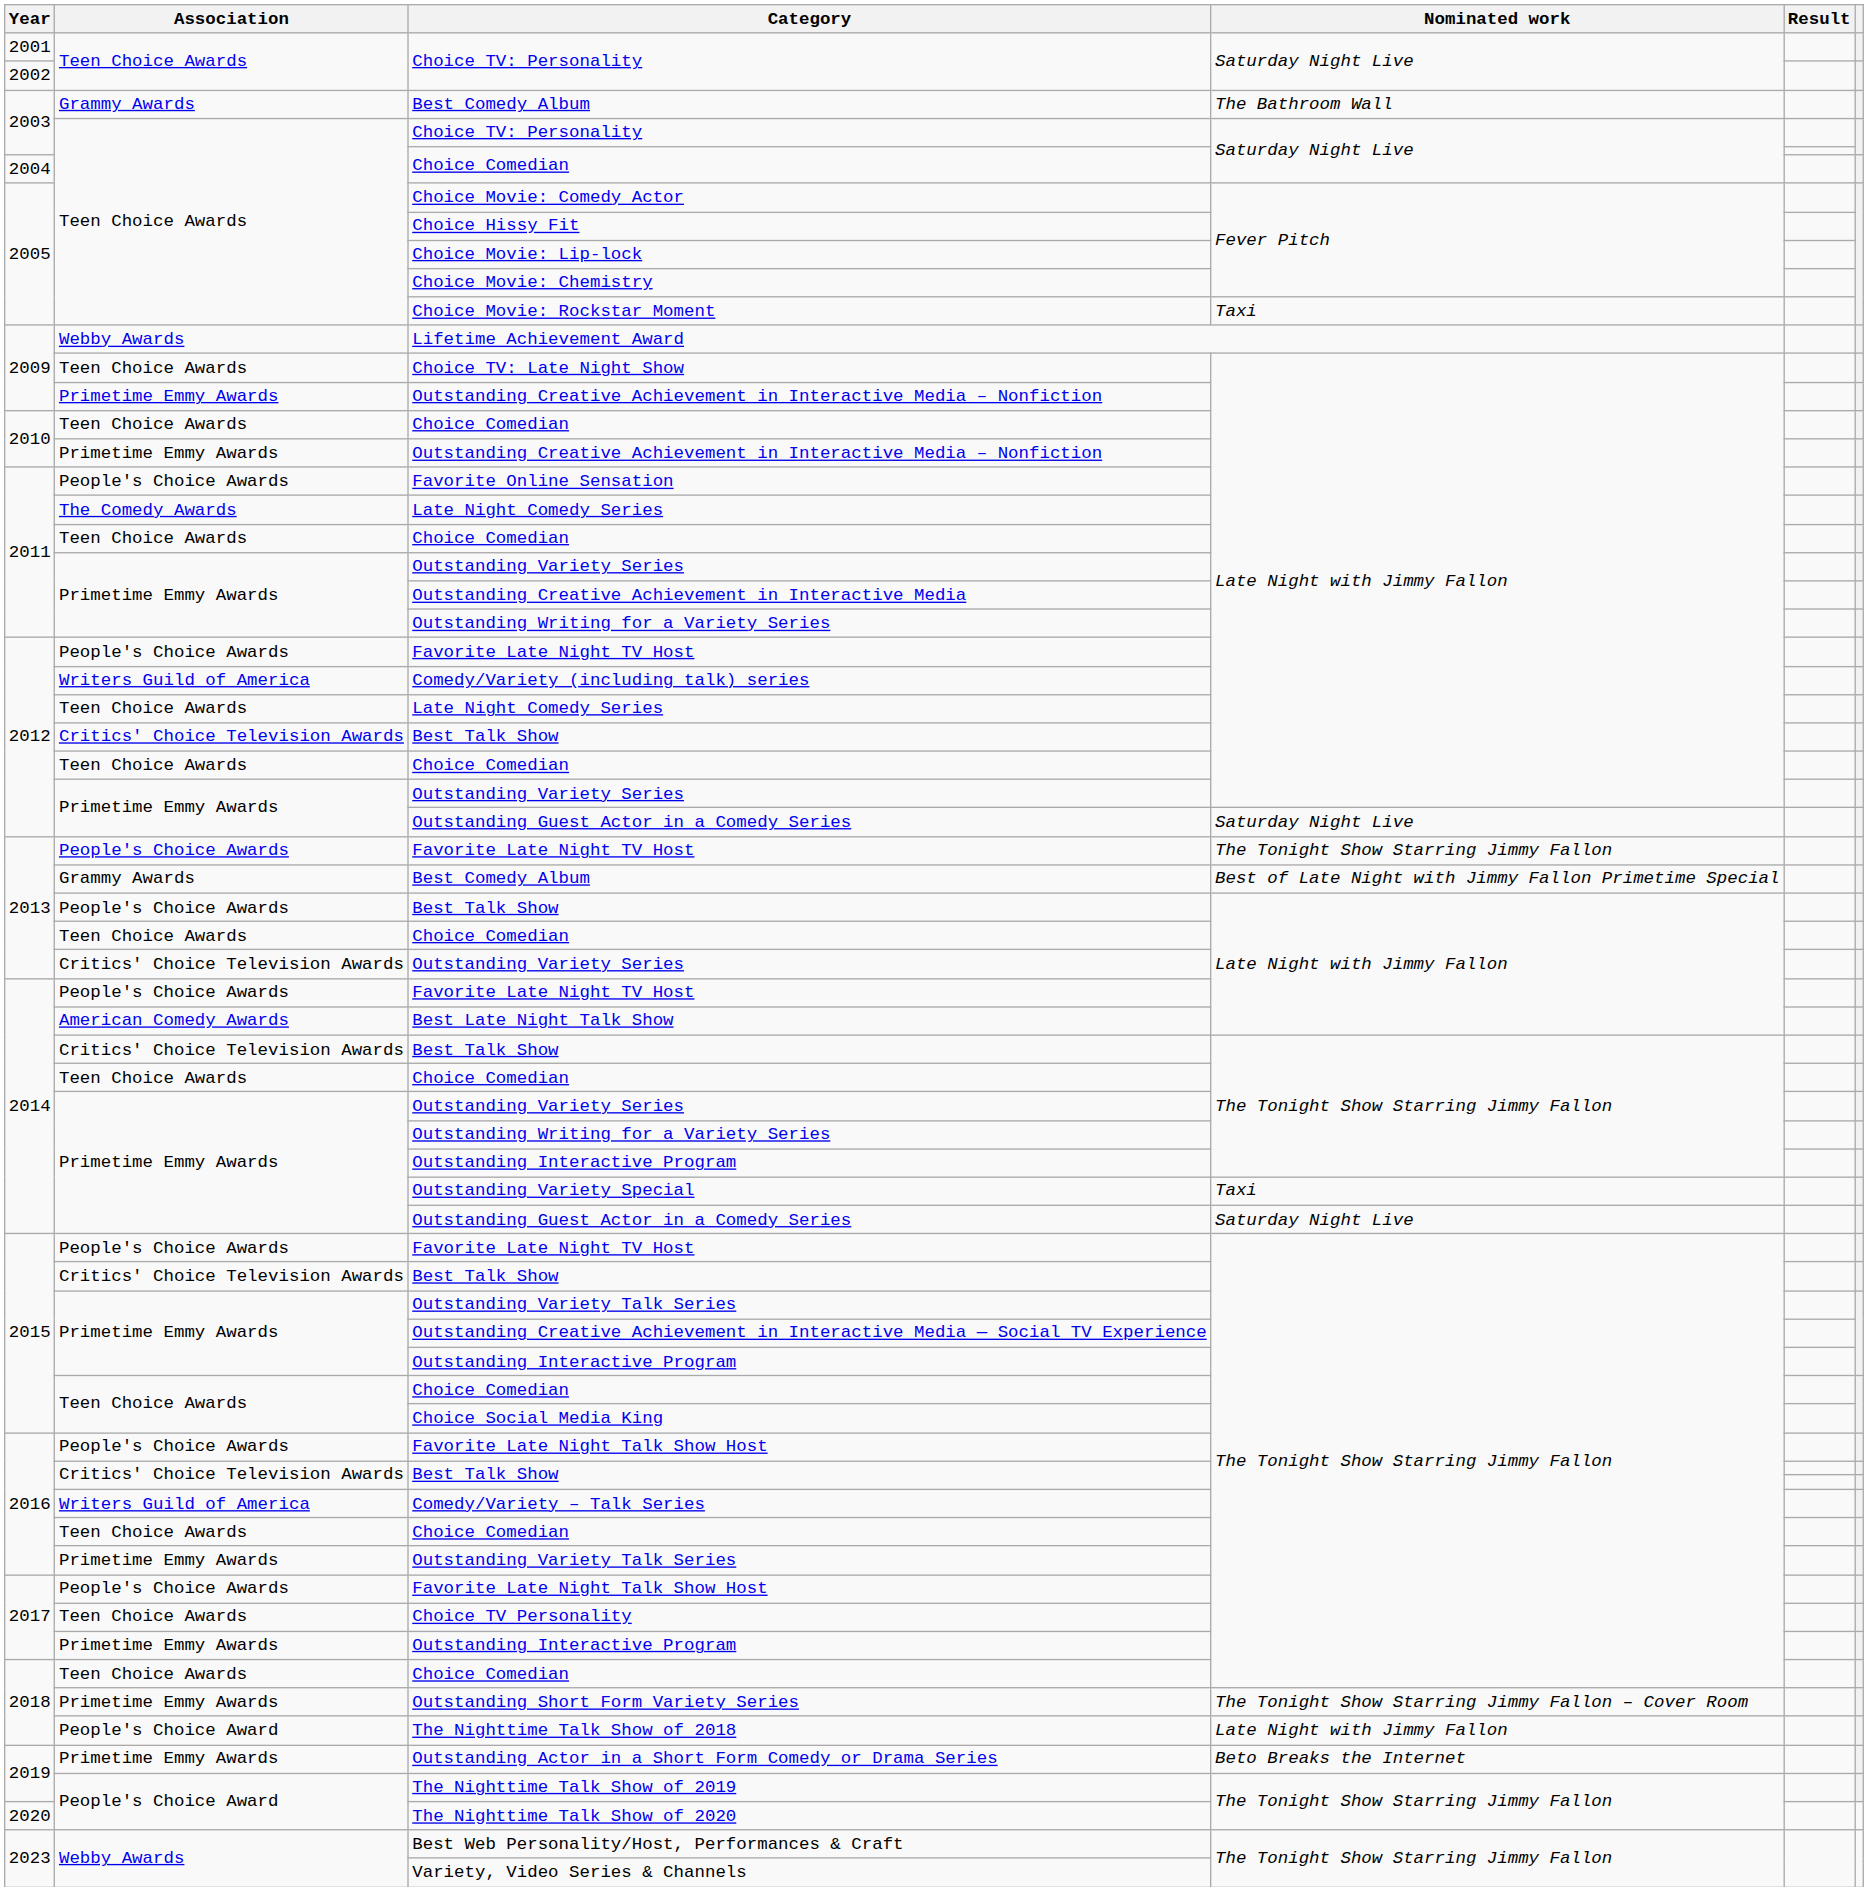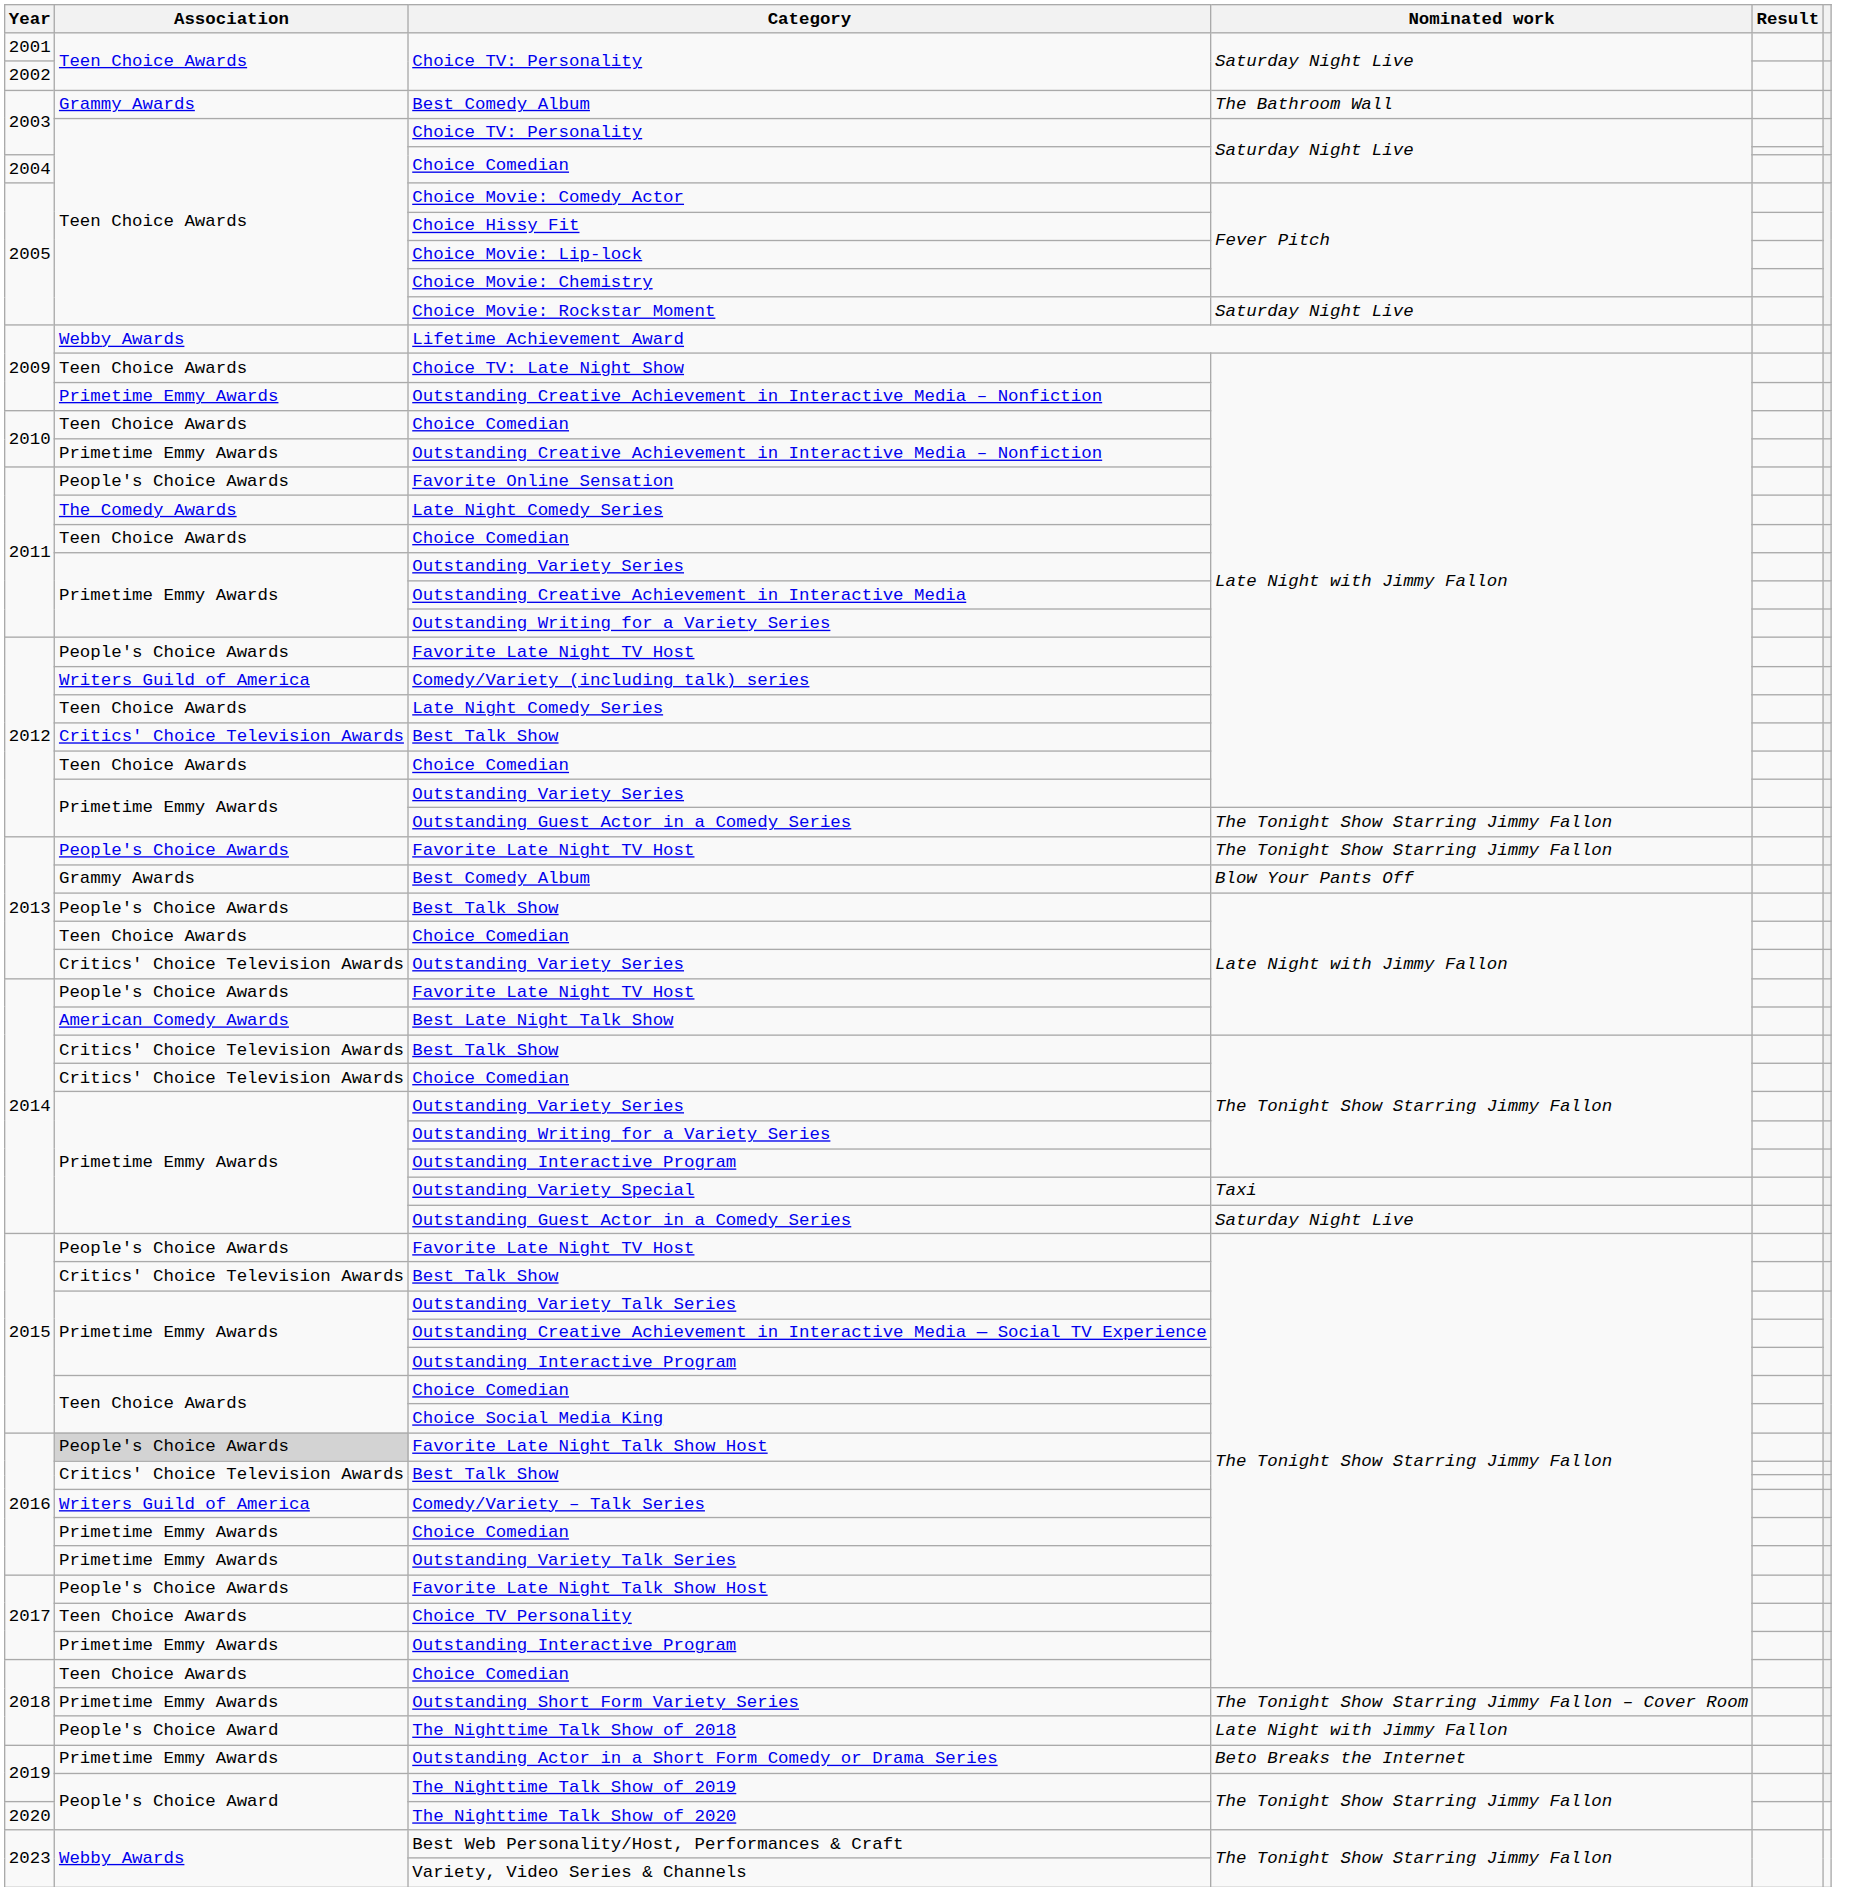 <table class="wikitable">
 <tr>
 <th>Year</th>
 <th>Association</th>
 <th>Category</th>
 <th>Nominated work</th>
 <th>Result</th>
 <th></th>
 </tr>
 <tr>
 <td>2001</td>
 <td rowspan="2"><a href='#'>Teen Choice Awards</a></td>
 <td rowspan="2"><a href='#'>Choice TV: Personality</a></td>
 <td rowspan="2"><em>Saturday Night Live</em></td>
 <td></td>
 <th align="center"></th>
 </tr>
 <tr>
 <td>2002</td>
 <td></td>
 <th align="center"></th>
 </tr>
 <tr>
 <td rowspan="3">2003</td>
 <td><a href='#'>Grammy Awards</a></td>
 <td><a href='#'>Best Comedy Album</a></td>
 <td><em>The Bathroom Wall</em></td>
 <td></td>
 <th align="center"></th>
 </tr>
 <tr>
 <td rowspan="8">Teen Choice Awards</td>
 <td><a href='#'>Choice TV: Personality</a></td>
 <td rowspan="3"><em>Saturday Night Live</em></td>
 <td></td>
 <th align="center" rowspan="2"></th>
 </tr>
 <tr>
 <td rowspan="2"><a href='#'>Choice Comedian</a></td>
 <td></td>
 </tr>
 <tr>
 <td>2004</td>
 <td></td>
 <th align="center"></th>
 </tr>
 <tr>
 <td rowspan="5">2005</td>
 <td><a href='#'>Choice Movie: Comedy Actor</a></td>
 <td rowspan="4"><em>Fever Pitch</em></td>
 <td></td>
 <th align="center" rowspan="5"></th>
 </tr>
 <tr>
 <td><a href='#'>Choice Hissy Fit</a></td>
 <td></td>
 </tr>
 <tr>
 <td><a href='#'>Choice Movie: Lip-lock</a></td>
 <td></td>
 </tr>
 <tr>
 <td><a href='#'>Choice Movie: Chemistry</a></td>
 <td></td>
 </tr>
 <tr>
 <td><a href='#'>Choice Movie: Rockstar Moment</a></td>
-<td><em>Taxi</em></td>
+<td><em>Saturday Night Live</em></td>
 <td></td>
 </tr>
 <tr>
 <td rowspan= "3">2009</td>
 <td><a href='#'>Webby Awards</a></td>
 <td colspan="2"><a href='#'>Lifetime Achievement Award</a></td>
 <td></td>
 <th align="center"></th>
 </tr>
 <tr>
 <td>Teen Choice Awards</td>
 <td><a href='#'>Choice TV: Late Night Show</a></td>
 <td rowspan="16"><em>Late Night with Jimmy Fallon</em></td>
 <td></td>
 <th align="center"></th>
 </tr>
 <tr>
 <td><a href='#'>Primetime Emmy Awards</a></td>
 <td><a href='#'>Outstanding Creative Achievement in Interactive Media – Nonfiction</a></td>
 <td></td>
 <th align="center"></th>
 </tr>
 <tr>
 <td rowspan="2">2010</td>
 <td>Teen Choice Awards</td>
 <td><a href='#'>Choice Comedian</a></td>
 <td></td>
 <th align="center"></th>
 </tr>
 <tr>
 <td>Primetime Emmy Awards</td>
 <td><a href='#'>Outstanding Creative Achievement in Interactive Media – Nonfiction</a></td>
 <td></td>
 <th align="center"></th>
 </tr>
 <tr>
 <td rowspan="6">2011</td>
 <td>People's Choice Awards</td>
 <td><a href='#'>Favorite Online Sensation</a></td>
 <td></td>
 <th align="center"></th>
 </tr>
 <tr>
 <td><a href='#'>The Comedy Awards</a></td>
 <td><a href='#'>Late Night Comedy Series</a></td>
 <td></td>
 <th align="center"></th>
 </tr>
 <tr>
 <td>Teen Choice Awards</td>
 <td><a href='#'>Choice Comedian</a></td>
 <td></td>
 <th align="center"></th>
 </tr>
 <tr>
 <td rowspan="3">Primetime Emmy Awards</td>
 <td><a href='#'>Outstanding Variety Series</a></td>
 <td></td>
 <th align="center"></th>
 </tr>
 <tr>
 <td><a href='#'>Outstanding Creative Achievement in Interactive Media</a></td>
 <td></td>
 <th align="center"></th>
 </tr>
 <tr>
 <td><a href='#'>Outstanding Writing for a Variety Series</a></td>
 <td></td>
 <th align="center"></th>
 </tr>
 <tr>
 <td rowspan="7">2012</td>
 <td>People's Choice Awards</td>
 <td><a href='#'>Favorite Late Night TV Host</a></td>
 <td></td>
 <th align="center"></th>
 </tr>
 <tr>
 <td><a href='#'>Writers Guild of America</a></td>
 <td><a href='#'>Comedy/Variety (including talk) series</a></td>
 <td></td>
 <th align="center"></th>
 </tr>
 <tr>
 <td>Teen Choice Awards</td>
 <td><a href='#'>Late Night Comedy Series</a></td>
 <td></td>
 <th align="center"></th>
 </tr>
 <tr>
 <td><a href='#'>Critics' Choice Television Awards</a></td>
 <td><a href='#'>Best Talk Show</a></td>
 <td></td>
 <th align="center"></th>
 </tr>
 <tr>
 <td>Teen Choice Awards</td>
 <td><a href='#'>Choice Comedian</a></td>
 <td></td>
 <th align="center"></th>
 </tr>
 <tr>
 <td rowspan="2">Primetime Emmy Awards</td>
 <td><a href='#'>Outstanding Variety Series</a></td>
 <td></td>
 <th align="center"></th>
 </tr>
 <tr>
 <td><a href='#'>Outstanding Guest Actor in a Comedy Series</a></td>
-<td><em>Saturday Night Live</em></td>
+<td><em>The Tonight Show Starring Jimmy Fallon</em></td>
 <td></td>
 <th align="center"></th>
 </tr>
 <tr>
 <td rowspan="5">2013</td>
 <td><a href='#'>People's Choice Awards</a></td>
 <td><a href='#'>Favorite Late Night TV Host</a></td>
 <td><em>The Tonight Show Starring Jimmy Fallon</em></td>
 <td></td>
 <th align="center"></th>
 </tr>
 <tr>
 <td>Grammy Awards</td>
 <td><a href='#'>Best Comedy Album</a></td>
-<td><em>Best of Late Night with Jimmy Fallon Primetime Special</em></td>
+<td><em>Blow Your Pants Off</em></td>
 <td></td>
 <th align="center"></th>
 </tr>
 <tr>
 <td>People's Choice Awards</td>
 <td><a href='#'>Best Talk Show</a></td>
 <td rowspan="5"><em>Late Night with Jimmy Fallon</em></td>
 <td></td>
 <th align="center"></th>
 </tr>
 <tr>
 <td>Teen Choice Awards</td>
 <td><a href='#'>Choice Comedian</a></td>
 <td></td>
 <th align="center"></th>
 </tr>
 <tr>
 <td>Critics' Choice Television Awards</td>
 <td><a href='#'>Outstanding Variety Series</a></td>
 <td></td>
 <th align="center"></th>
 </tr>
 <tr>
 <td rowspan="9">2014</td>
 <td>People's Choice Awards</td>
 <td><a href='#'>Favorite Late Night TV Host</a></td>
 <td></td>
 <th align="center"></th>
 </tr>
 <tr>
 <td><a href='#'>American Comedy Awards</a></td>
 <td><a href='#'>Best Late Night Talk Show</a></td>
 <td></td>
 <th align="center"></th>
 </tr>
 <tr>
 <td>Critics' Choice Television Awards</td>
 <td><a href='#'>Best Talk Show</a></td>
 <td rowspan="5"><em>The Tonight Show Starring Jimmy Fallon</em></td>
 <td></td>
 <th align="center"></th>
 </tr>
 <tr>
-<td>Teen Choice Awards</td>
+<td>Critics' Choice Television Awards</td>
 <td><a href='#'>Choice Comedian</a></td>
 <td></td>
 <th align="center"></th>
 </tr>
 <tr>
 <td rowspan="5">Primetime Emmy Awards</td>
 <td><a href='#'>Outstanding Variety Series</a></td>
 <td></td>
 <th align="center"></th>
 </tr>
 <tr>
 <td><a href='#'>Outstanding Writing for a Variety Series</a></td>
 <td></td>
 <th align="center"></th>
 </tr>
 <tr>
 <td><a href='#'>Outstanding Interactive Program</a></td>
 <td></td>
 <th align="center"></th>
 </tr>
 <tr>
 <td><a href='#'>Outstanding Variety Special</a></td>
 <td><em>Taxi</em></td>
 <td></td>
 <th align="center"></th>
 </tr>
 <tr>
 <td><a href='#'>Outstanding Guest Actor in a Comedy Series</a></td>
 <td><em>Saturday Night Live</em></td>
 <td></td>
 <th align="center"></th>
 </tr>
 <tr>
 <td rowspan="7">2015</td>
 <td>People's Choice Awards</td>
 <td><a href='#'>Favorite Late Night TV Host</a></td>
 <td rowspan="17"><em>The Tonight Show Starring Jimmy Fallon</em></td>
 <td></td>
 <th align="center"></th>
 </tr>
 <tr>
 <td>Critics' Choice Television Awards</td>
 <td><a href='#'>Best Talk Show</a></td>
 <td></td>
 <th align="center"></th>
 </tr>
 <tr>
 <td rowspan="3">Primetime Emmy Awards</td>
 <td><a href='#'>Outstanding Variety Talk Series</a></td>
 <td></td>
 <th align="center" rowspan="3"></th>
 </tr>
 <tr>
 <td><a href='#'>Outstanding Creative Achievement in Interactive Media — Social TV Experience</a></td>
 <td></td>
 </tr>
 <tr>
 <td><a href='#'>Outstanding Interactive Program</a></td>
 <td></td>
 </tr>
 <tr>
 <td rowspan="2">Teen Choice Awards</td>
 <td><a href='#'>Choice Comedian</a></td>
 <td></td>
 <th align="center" rowspan="2"></th>
 </tr>
 <tr>
 <td><a href='#'>Choice Social Media King</a></td>
 <td></td>
 </tr>
 <tr>
 <td rowspan="6">2016</td>
-<td>People's Choice Awards</td>
+<td style="background: lightgrey;">People's Choice Awards</td>
 <td><a href='#'>Favorite Late Night Talk Show Host</a></td>
 <td></td>
 <th align="center"></th>
 </tr>
 <tr>
 <td rowspan="2">Critics' Choice Television Awards</td>
 <td rowspan="2"><a href='#'>Best Talk Show</a></td>
 <td></td>
 <th align="center"></th>
 </tr>
 <tr>
 <td></td>
 <th align="center"></th>
 </tr>
 <tr>
 <td><a href='#'>Writers Guild of America</a></td>
 <td><a href='#'>Comedy/Variety – Talk Series</a></td>
 <td></td>
 <th align="center"></th>
 </tr>
 <tr>
-<td>Teen Choice Awards</td>
+<td>Primetime Emmy Awards</td>
 <td><a href='#'>Choice Comedian</a></td>
 <td></td>
 <th align="center"></th>
 </tr>
 <tr>
 <td>Primetime Emmy Awards</td>
 <td><a href='#'>Outstanding Variety Talk Series</a></td>
 <td></td>
 <th align="center"></th>
 </tr>
 <tr>
 <td rowspan="3">2017</td>
 <td>People's Choice Awards</td>
 <td><a href='#'>Favorite Late Night Talk Show Host</a></td>
 <td></td>
 <th align="center"></th>
 </tr>
 <tr>
 <td>Teen Choice Awards</td>
 <td><a href='#'>Choice TV Personality</a></td>
 <td></td>
 <th align="center"></th>
 </tr>
 <tr>
 <td>Primetime Emmy Awards</td>
 <td><a href='#'>Outstanding Interactive Program</a></td>
 <td></td>
 <th align="center"></th>
 </tr>
 <tr>
 <td rowspan="3">2018</td>
 <td>Teen Choice Awards</td>
 <td><a href='#'>Choice Comedian</a></td>
 <td></td>
 <th align="center"></th>
 </tr>
 <tr>
 <td>Primetime Emmy Awards</td>
 <td><a href='#'>Outstanding Short Form Variety Series</a></td>
 <td><em>The Tonight Show Starring Jimmy Fallon – Cover Room</em></td>
 <td></td>
 <th align="center"></th>
 </tr>
 <tr>
 <td>People's Choice Award</td>
 <td><a href='#'>The Nighttime Talk Show of 2018</a></td>
 <td><em>Late Night with Jimmy Fallon</em></td>
 <td></td>
 <th align="center"></th>
 </tr>
 <tr>
 <td rowspan="2">2019</td>
 <td>Primetime Emmy Awards</td>
 <td><a href='#'>Outstanding Actor in a Short Form Comedy or Drama Series</a></td>
 <td><em>Beto Breaks the Internet</em></td>
 <td></td>
 <th align="center"></th>
 </tr>
 <tr>
 <td rowspan="2">People's Choice Award</td>
 <td><a href='#'>The Nighttime Talk Show of 2019</a></td>
 <td rowspan="2"><em>The Tonight Show Starring Jimmy Fallon</em></td>
 <td></td>
 <th align="center"></th>
 </tr>
 <tr>
 <td>2020</td>
 <td><a href='#'>The Nighttime Talk Show of 2020</a></td>
 <td></td>
 <td style="text-align:center;"></td>
 </tr>
 <tr>
 <td rowspan="2">2023</td>
 <td rowspan="2"><a href='#'>Webby Awards</a></td>
 <td>Best Web Personality/Host, Performances & Craft</td>
 <td rowspan="2"><em>The Tonight Show Starring Jimmy Fallon</em></td>
 <td rowspan="2"></td>
 <td rowspan="2"></td>
 </tr>
 <tr>
 <td>Variety, Video Series & Channels</td>
 </tr>
 </table>
